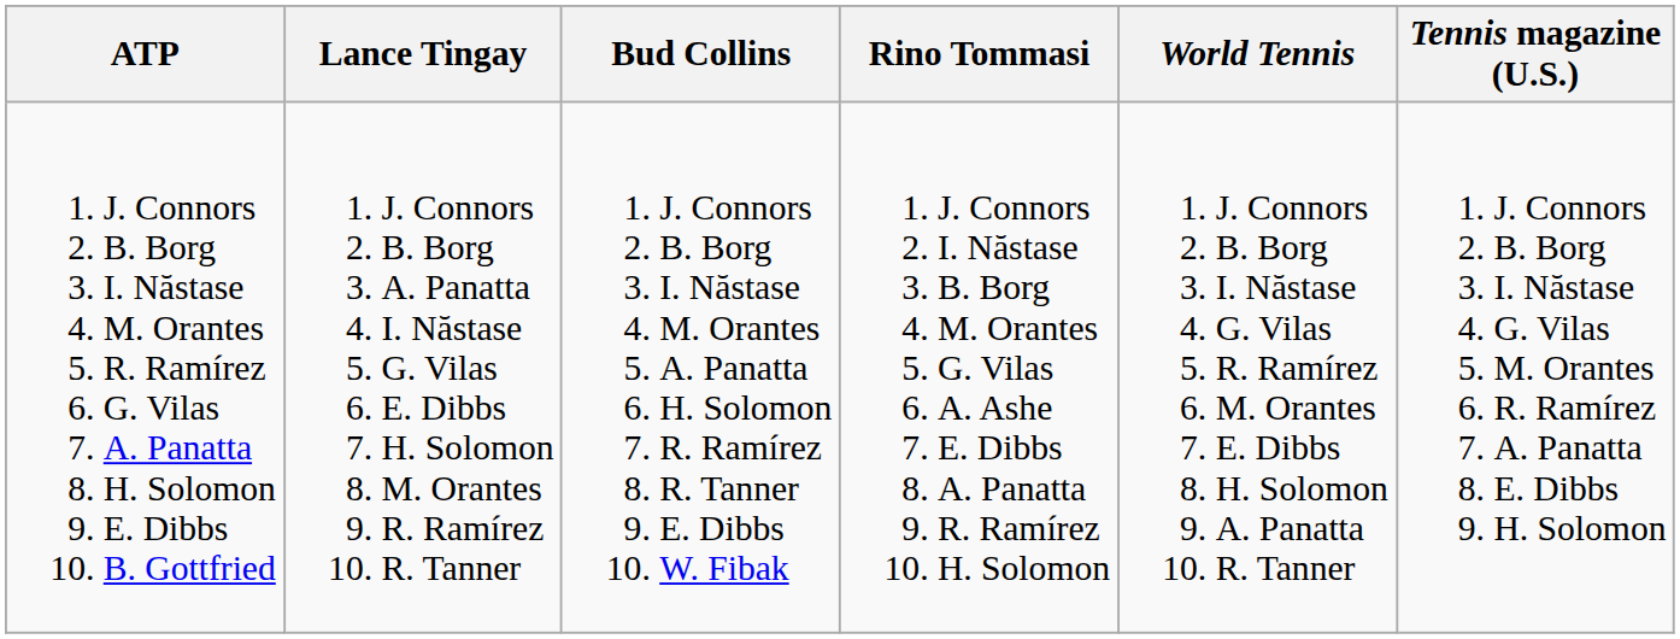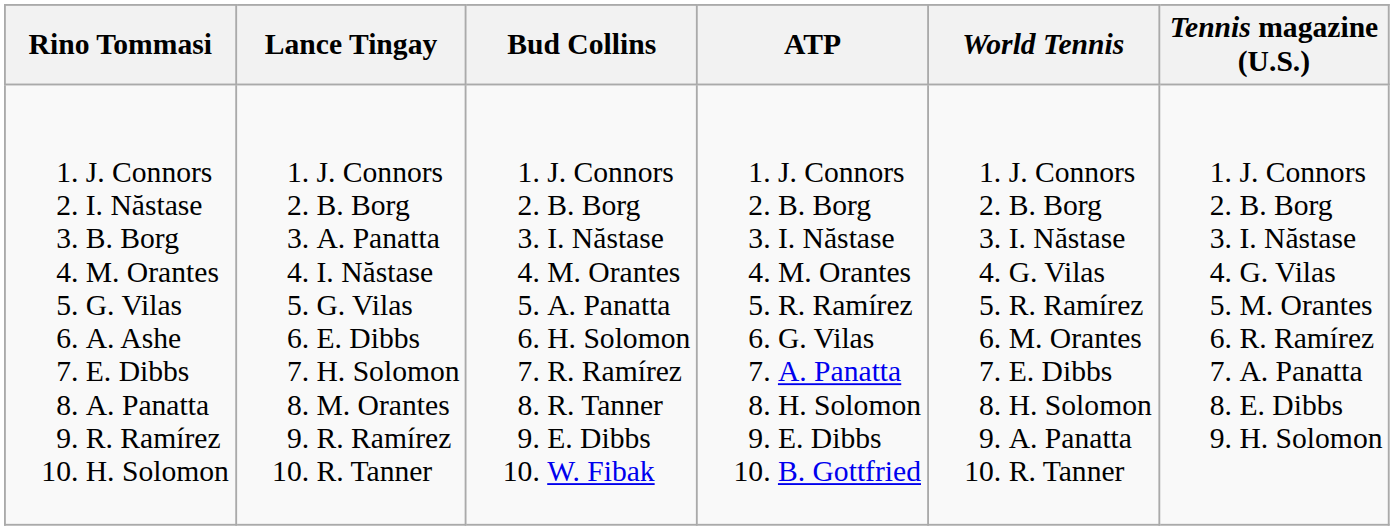 <table class="wikitable">
 <tr>
-<th>ATP</th>
+<th>Rino Tommasi</th>
 <th>Lance Tingay</th>
 <th>Bud Collins</th>
-<th>Rino Tommasi</th>
+<th>ATP</th>
 <th><em>World Tennis</em></th>
 <th><em>Tennis</em> magazine<br>(U.S.)</th>
 </tr>
 <tr style="vertical-align: top;">
-<td style="white-space: nowrap;"><br><ol><li> J. Connors</li><li> B. Borg</li><li> I. Năstase</li><li> M. Orantes</li><li> R. Ramírez</li><li> G. Vilas</li><li> <a href='#'>A. Panatta</a></li><li> H. Solomon</li><li> E. Dibbs</li><li> <a href='#'>B. Gottfried</a></li></ol></td>
+<td style="white-space: nowrap;"><br><ol><li> J. Connors</li><li> I. Năstase</li><li> B. Borg</li><li> M. Orantes</li><li> G. Vilas</li><li> A. Ashe</li><li> E. Dibbs</li><li> A. Panatta</li><li> R. Ramírez</li><li> H. Solomon</li></ol></td>
 <td style="white-space: nowrap;"><br><ol><li> J. Connors</li><li> B. Borg</li><li> A. Panatta</li><li> I. Năstase</li><li> G. Vilas</li><li> E. Dibbs</li><li> H. Solomon</li><li> M. Orantes</li><li> R. Ramírez</li><li> R. Tanner</li></ol></td>
 <td style="white-space: nowrap;"><br><ol><li> J. Connors</li><li> B. Borg</li><li> I. Năstase</li><li> M. Orantes</li><li> A. Panatta</li><li> H. Solomon</li><li> R. Ramírez</li><li> R. Tanner</li><li> E. Dibbs</li><li> <a href='#'>W. Fibak</a></li></ol></td>
-<td style="white-space: nowrap;"><br><ol><li> J. Connors</li><li> I. Năstase</li><li> B. Borg</li><li> M. Orantes</li><li> G. Vilas</li><li> A. Ashe</li><li> E. Dibbs</li><li> A. Panatta</li><li> R. Ramírez</li><li> H. Solomon</li></ol></td>
+<td style="white-space: nowrap;"><br><ol><li> J. Connors</li><li> B. Borg</li><li> I. Năstase</li><li> M. Orantes</li><li> R. Ramírez</li><li> G. Vilas</li><li> <a href='#'>A. Panatta</a></li><li> H. Solomon</li><li> E. Dibbs</li><li> <a href='#'>B. Gottfried</a></li></ol></td>
 <td style="white-space: nowrap;"><br><ol><li> J. Connors</li><li> B. Borg</li><li> I. Năstase</li><li> G. Vilas</li><li> R. Ramírez</li><li> M. Orantes</li><li> E. Dibbs</li><li> H. Solomon</li><li> A. Panatta</li><li> R. Tanner</li></ol></td>
 <td style="white-space: nowrap;"><br><ol><li> J. Connors</li><li> B. Borg</li><li> I. Năstase</li><li> G. Vilas</li><li> M. Orantes</li><li> R. Ramírez</li><li> A. Panatta</li><li> E. Dibbs</li><li> H. Solomon</li></ol></td>
 </tr>
 </table>
